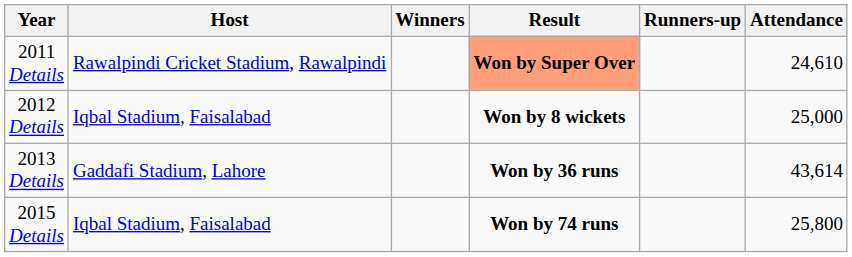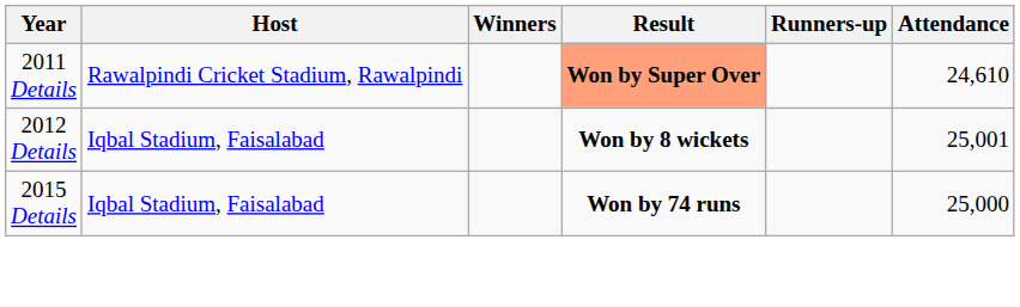 <table class="wikitable" style="font-size:90%">
 <tr>
 <th>Year</th>
 <th>Host</th>
 <th>Winners</th>
 <th>Result</th>
 <th>Runners-up</th>
 <th>Attendance</th>
 </tr>
 <tr>
 <td align=center>2011<br><em><a href='#'>Details</a></em></td>
 <td><a href='#'>Rawalpindi Cricket Stadium</a>, <a href='#'>Rawalpindi</a></td>
 <td><br></td>
 <td align=center style="background: lightsalmon;"><strong>Won by Super Over</strong><br></td>
 <td><br></td>
 <td align=right>24,610</td>
 </tr>
 <tr>
 <td align=center>2012<br><em><a href='#'>Details</a></em></td>
 <td><a href='#'>Iqbal Stadium</a>, <a href='#'>Faisalabad</a></td>
 <td><br></td>
 <td align=center><strong>Won by 8 wickets</strong><br></td>
 <td><br></td>
-<td align=right>25,000</td>
-</tr>
-<tr>
-<td align=center>2013<br><em><a href='#'>Details</a></em></td>
-<td><a href='#'>Gaddafi Stadium</a>, <a href='#'>Lahore</a></td>
-<td><br></td>
-<td align=center><strong>Won by 36 runs</strong><br></td>
-<td><br></td>
-<td align=right>43,614</td>
+<td align=right>25,001</td>
 </tr>
 <tr>
 <td align=center>2015<br><em><a href='#'>Details</a></em></td>
 <td><a href='#'>Iqbal Stadium</a>, <a href='#'>Faisalabad</a></td>
 <td><br></td>
 <td align=center><strong>Won by 74 runs</strong><br></td>
 <td><br></td>
-<td align=right>25,800</td>
+<td align=right>25,000</td>
 </tr>
 </table>
